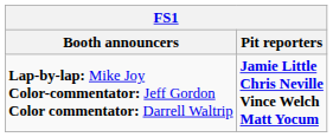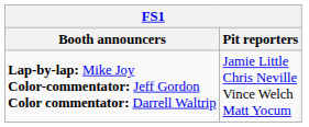 <table class="wikitable" style="font-size: 95%">
 <tr>
 <th colspan="2"><a href='#'>FS1</a></th>
 </tr>
 <tr>
 <th>Booth announcers</th>
 <th>Pit reporters</th>
 </tr>
 <tr>
 <td><strong>Lap-by-lap:</strong> <a href='#'>Mike Joy</a><br><strong>Color-commentator:</strong> <a href='#'>Jeff Gordon</a><br><strong>Color commentator:</strong> <a href='#'>Darrell Waltrip</a></td>
-<td><strong><a href='#'>Jamie Little</a><br><a href='#'>Chris Neville</a><br>Vince Welch<br><a href='#'>Matt Yocum</a></strong></td>
+<td><a href='#'>Jamie Little</a><br><a href='#'>Chris Neville</a><br>Vince Welch<br><a href='#'>Matt Yocum</a></td>
 </tr>
 </table>
